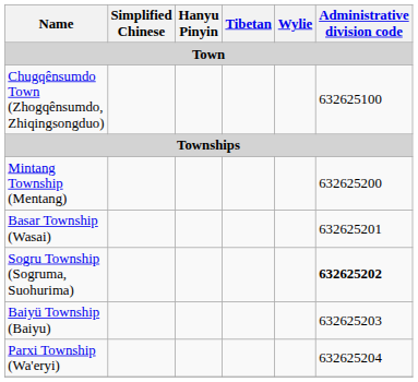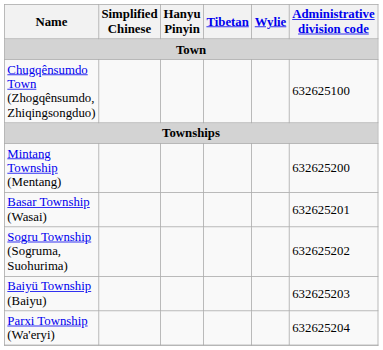 <table class="wikitable" align="center" style="width:50%; border="1">
 <tr>
 <th>Name</th>
 <th>Simplified Chinese</th>
 <th>Hanyu Pinyin</th>
 <th><a href='#'>Tibetan</a></th>
 <th><a href='#'>Wylie</a></th>
 <th><a href='#'>Administrative division code</a></th>
 </tr>
 <tr>
 <td colspan="7"  style="text-align:center; background:#d3d3d3;"><strong>Town</strong></td>
 </tr>
 <tr --------->
 <td><a href='#'>Chugqênsumdo Town</a><br>(Zhogqênsumdo, Zhiqingsongduo)</td>
 <td></td>
 <td></td>
 <td></td>
 <td></td>
 <td>632625100</td>
 </tr>
 <tr>
 <td colspan="7"  style="text-align:center; background:#d3d3d3;"><strong>Townships</strong></td>
 </tr>
 <tr --------->
 <td><a href='#'>Mintang Township</a><br>(Mentang)</td>
 <td></td>
 <td></td>
 <td></td>
 <td></td>
 <td>632625200</td>
 </tr>
 <tr>
 <td><a href='#'>Basar Township</a><br>(Wasai)</td>
 <td></td>
 <td></td>
 <td></td>
 <td></td>
 <td>632625201</td>
 </tr>
 <tr>
 <td><a href='#'>Sogru Township</a><br>(Sogruma, Suohurima)</td>
 <td></td>
 <td></td>
 <td></td>
 <td></td>
-<td><strong>632625202</strong></td>
+<td>632625202</td>
 </tr>
 <tr>
 <td><a href='#'>Baiyü Township</a><br>(Baiyu)</td>
 <td></td>
 <td></td>
 <td></td>
 <td></td>
 <td>632625203</td>
 </tr>
 <tr>
 <td><a href='#'>Parxi Township</a><br>(Wa'eryi)</td>
 <td></td>
 <td></td>
 <td></td>
 <td></td>
 <td>632625204</td>
 </tr>
 <tr>
 </tr>
 </table>
